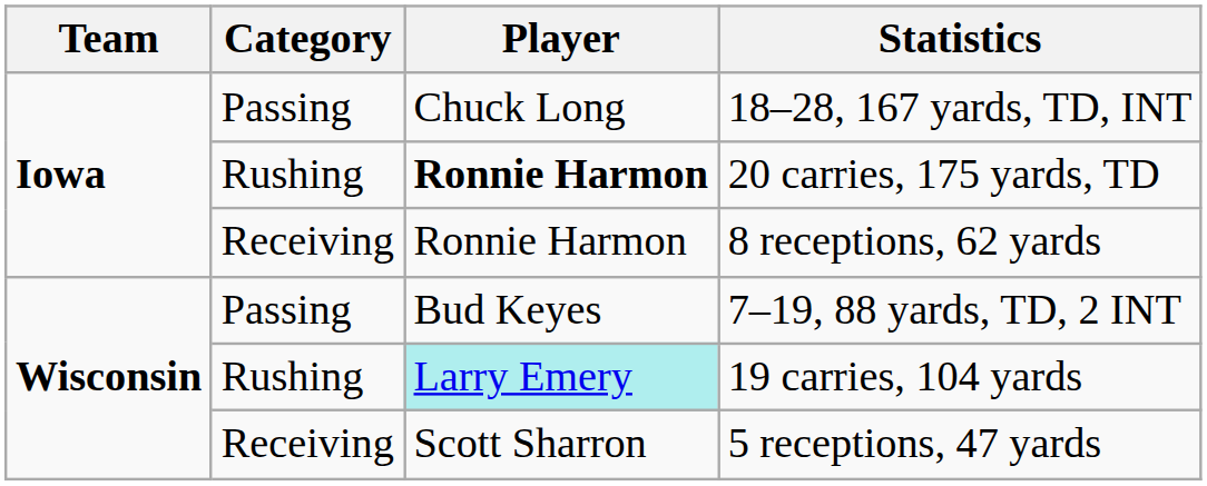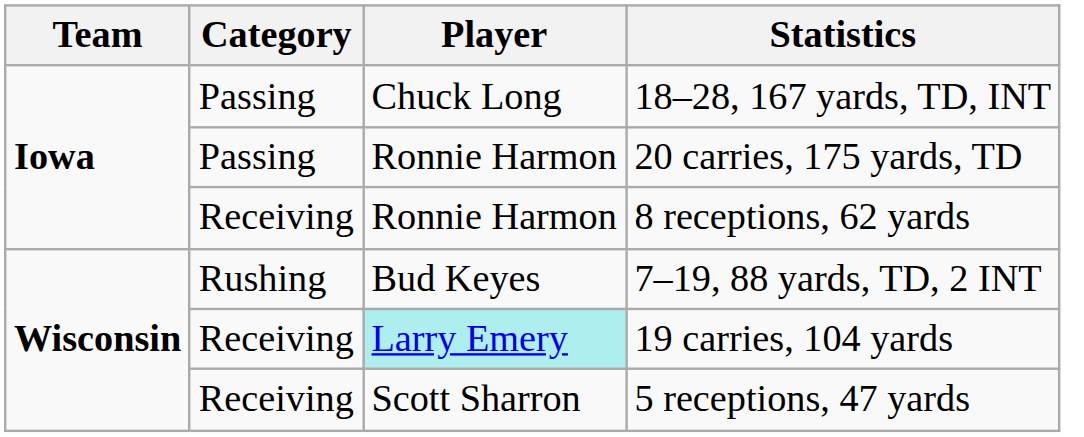 <table class="wikitable" style="float: left;">
 <tr>
 <th>Team</th>
 <th>Category</th>
 <th>Player</th>
 <th>Statistics</th>
 </tr>
 <tr>
 <td rowspan=3><strong>Iowa</strong></td>
 <td>Passing</td>
 <td>Chuck Long</td>
 <td>18–28, 167 yards, TD, INT</td>
 </tr>
 <tr>
-<td>Rushing</td>
-<td><strong>Ronnie Harmon</strong></td>
+<td>Passing</td>
+<td>Ronnie Harmon</td>
 <td>20 carries, 175 yards, TD</td>
 </tr>
 <tr>
 <td>Receiving</td>
 <td>Ronnie Harmon</td>
 <td>8 receptions, 62 yards</td>
 </tr>
 <tr>
 <td rowspan=3><strong>Wisconsin</strong></td>
-<td>Passing</td>
+<td>Rushing</td>
 <td>Bud Keyes</td>
 <td>7–19, 88 yards, TD, 2 INT</td>
 </tr>
 <tr>
-<td>Rushing</td>
+<td>Receiving</td>
 <td style="background: paleturquoise;"><a href='#'>Larry Emery</a></td>
 <td>19 carries, 104 yards</td>
 </tr>
 <tr>
 <td>Receiving</td>
 <td>Scott Sharron</td>
 <td>5 receptions, 47 yards</td>
 </tr>
 </table>
